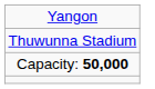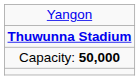 <table class="wikitable" style="text-align:center">
 <tr>
 <td><a href='#'>Yangon</a></td>
 </tr>
 <tr>
-<td><a href='#'>Thuwunna Stadium</a></td>
+<td><strong><a href='#'>Thuwunna Stadium</a></strong></td>
 </tr>
 <tr>
 <td>Capacity: <strong>50,000</strong></td>
 </tr>
 <tr>
 <td></td>
 </tr>
 </table>
